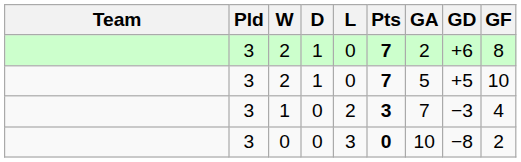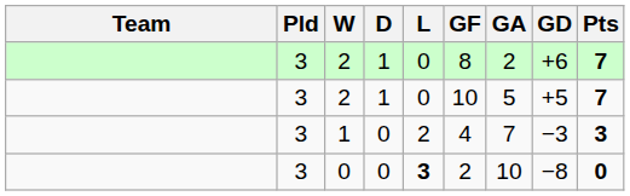 <table class="wikitable" style="text-align:center;">
 <tr>
 <th width=180>Team</th>
 <th width=20>Pld</th>
 <th width=20>W</th>
 <th width=20>D</th>
 <th width=20>L</th>
-<th width=20>Pts</th>
+<th width=20>GF</th>
 <th width=20>GA</th>
 <th width=20>GD</th>
-<th width=20>GF</th>
+<th width=20>Pts</th>
 </tr>
 <tr style="background:#cfc;">
 <td align="left"></td>
 <td>3</td>
 <td>2</td>
 <td>1</td>
 <td>0</td>
-<td><strong>7</strong></td>
+<td>8</td>
 <td>2</td>
 <td>+6</td>
-<td>8</td>
+<td><strong>7</strong></td>
 </tr>
 <tr>
 <td align="left"><em></em></td>
 <td>3</td>
 <td>2</td>
 <td>1</td>
 <td>0</td>
-<td><strong>7</strong></td>
+<td>10</td>
 <td>5</td>
 <td>+5</td>
-<td>10</td>
+<td><strong>7</strong></td>
 </tr>
 <tr>
 <td align="left"></td>
 <td>3</td>
 <td>1</td>
 <td>0</td>
 <td>2</td>
-<td><strong>3</strong></td>
+<td>4</td>
 <td>7</td>
 <td>−3</td>
-<td>4</td>
+<td><strong>3</strong></td>
 </tr>
 <tr>
 <td align="left"></td>
 <td>3</td>
 <td>0</td>
 <td>0</td>
-<td>3</td>
-<td><strong>0</strong></td>
+<td><strong>3</strong></td>
+<td>2</td>
 <td>10</td>
 <td>−8</td>
-<td>2</td>
+<td><strong>0</strong></td>
 </tr>
 </table>
